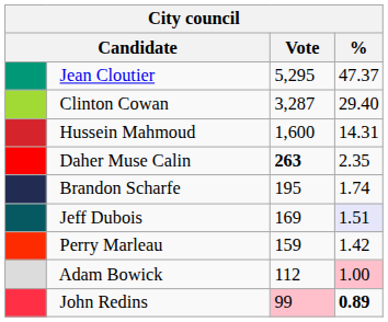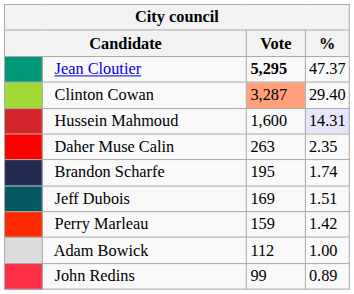 <table class="wikitable">
 <tr>
 <th colspan="4">City council</th>
 </tr>
 <tr>
 <th bgcolor="#DDDDFF" width="230px" colspan="2">Candidate</th>
 <th bgcolor="#DDDDFF" width="50px">Vote</th>
 <th bgcolor="#DDDDFF" width="30px">%</th>
 </tr>
 <tr>
 <td bgcolor=#019877 width="30px"> </td>
 <td>  <a href='#'>Jean Cloutier</a></td>
-<td>5,295</td>
+<td><strong>5,295</strong></td>
 <td>47.37</td>
 </tr>
 <tr>
 <td bgcolor=#A2DA35 width="30px"> </td>
 <td>  Clinton Cowan</td>
-<td>3,287</td>
+<td style="background: lightsalmon;">3,287</td>
 <td>29.40</td>
 </tr>
 <tr>
 <td bgcolor=#D5242B width="30px"> </td>
 <td>  Hussein Mahmoud</td>
 <td>1,600</td>
-<td>14.31</td>
+<td style="background: lavender;">14.31</td>
 </tr>
 <tr>
 <td bgcolor=#FE0000 width="30px"> </td>
 <td>  Daher Muse Calin</td>
-<td><strong>263</strong></td>
+<td>263</td>
 <td>2.35</td>
 </tr>
 <tr>
 <td bgcolor=#222B52 width="30px"> </td>
 <td>  Brandon Scharfe</td>
 <td>195</td>
 <td>1.74</td>
 </tr>
 <tr>
 <td bgcolor=#065961 width="30px"> </td>
 <td>  Jeff Dubois</td>
 <td>169</td>
-<td style="background: lavender;">1.51</td>
+<td>1.51</td>
 </tr>
 <tr>
 <td bgcolor=#FE2B00 width="30px"> </td>
 <td>  Perry Marleau</td>
 <td>159</td>
 <td>1.42</td>
 </tr>
 <tr>
 <td bgcolor=#DCDCDC width="30px"> </td>
 <td>  Adam Bowick</td>
 <td>112</td>
-<td style="background: pink;">1.00</td>
+<td>1.00</td>
 </tr>
 <tr>
 <td bgcolor=#FF2F45 width="30px"> </td>
 <td>  John Redins</td>
-<td style="background: pink;">99</td>
-<td><strong>0.89</strong></td>
+<td>99</td>
+<td>0.89</td>
 </tr>
 </table>
